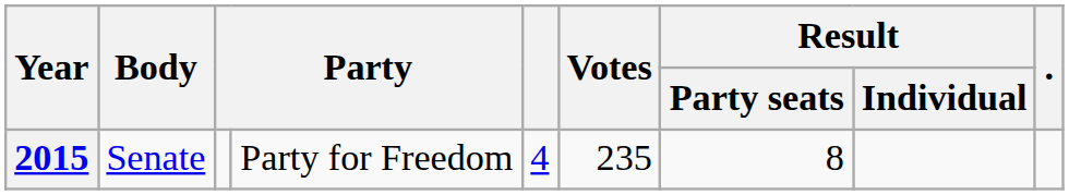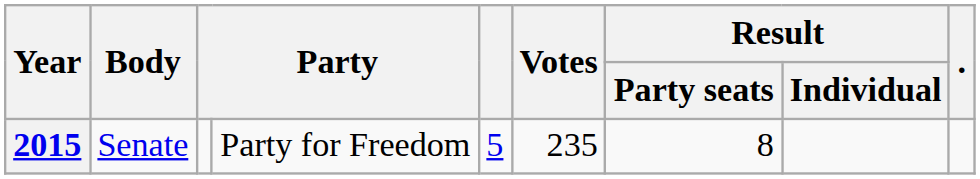 <table class="wikitable plainrowheaders sortable" border=2 cellpadding=4 cellspacing=0 style="border: 1px #aaa solid; font-size: 90%; text-align:center;">
 <tr>
 <th scope="col" rowspan=2>Year</th>
 <th scope="col" rowspan=2>Body</th>
 <th scope="col" colspan=2 rowspan=2>Party</th>
 <th scope="col" rowspan=2></th>
 <th scope="col" rowspan=2>Votes</th>
 <th scope="colgroup" colspan=2>Result</th>
 <th scope="col" rowspan=2 class="unsortable">.</th>
 </tr>
 <tr>
 <th scope="col">Party seats</th>
 <th scope="col">Individual</th>
 </tr>
 <tr>
 <th scope="row"><a href='#'>2015</a></th>
 <td><a href='#'>Senate</a></td>
 <td style="background-color:"></td>
 <td>Party for Freedom</td>
-<td style=text-align:right><a href='#'>4</a></td>
+<td style=text-align:right><a href='#'>5</a></td>
 <td style=text-align:right>235</td>
 <td style=text-align:right>8</td>
 <td></td>
 <td></td>
 </tr>
 </table>
